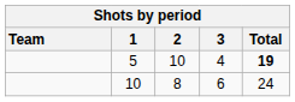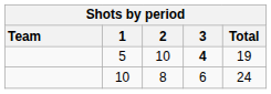 <table class="wikitable" style="width:20em; text-align:right;">
 <tr>
 <th colspan=6>Shots by period</th>
 </tr>
 <tr>
 <th style="width:8em; text-align:left;">Team</th>
 <th style="width:3em;">1</th>
 <th style="width:3em;">2</th>
 <th style="width:3em;">3</th>
 <th style="width:3em;">Total</th>
 </tr>
 <tr>
 <td style="text-align:left;"></td>
 <td align=center>5</td>
 <td align=center>10</td>
-<td align=center>4</td>
-<td align=center><strong>19</strong></td>
+<td align=center><strong>4</strong></td>
+<td align=center>19</td>
 </tr>
 <tr>
 <td style="text-align:left;"></td>
 <td align=center>10</td>
 <td align=center>8</td>
 <td align=center>6</td>
 <td align=center>24</td>
 </tr>
 </table>
